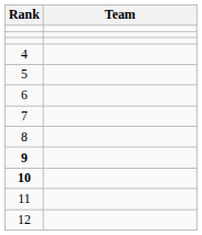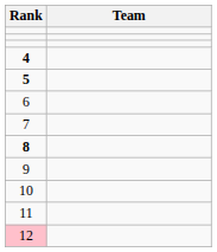 <table class="wikitable sortable" style="text-align:center">
 <tr>
 <th width=40>Rank</th>
 <th width=180>Team</th>
 </tr>
 <tr>
 <td></td>
 <td style="text-align:left"></td>
 </tr>
 <tr>
 <td></td>
 <td style="text-align:left"></td>
 </tr>
 <tr>
 <td></td>
 <td style="text-align:left"></td>
 </tr>
 <tr>
-<td>4</td>
+<td><strong>4</strong></td>
 <td style="text-align:left"></td>
 </tr>
 <tr>
-<td>5</td>
+<td><strong>5</strong></td>
 <td style="text-align:left"></td>
 </tr>
 <tr>
 <td>6</td>
 <td style="text-align:left"></td>
 </tr>
 <tr>
 <td>7</td>
 <td style="text-align:left"></td>
 </tr>
 <tr>
-<td>8</td>
+<td><strong>8</strong></td>
 <td style="text-align:left"></td>
 </tr>
 <tr>
-<td><strong>9</strong></td>
+<td>9</td>
 <td style="text-align:left"></td>
 </tr>
 <tr>
-<td><strong>10</strong></td>
+<td>10</td>
 <td style="text-align:left"></td>
 </tr>
 <tr>
 <td>11</td>
 <td style="text-align:left"></td>
 </tr>
 <tr>
-<td>12</td>
+<td style="background: pink;">12</td>
 <td style="text-align:left"></td>
 </tr>
 </table>
